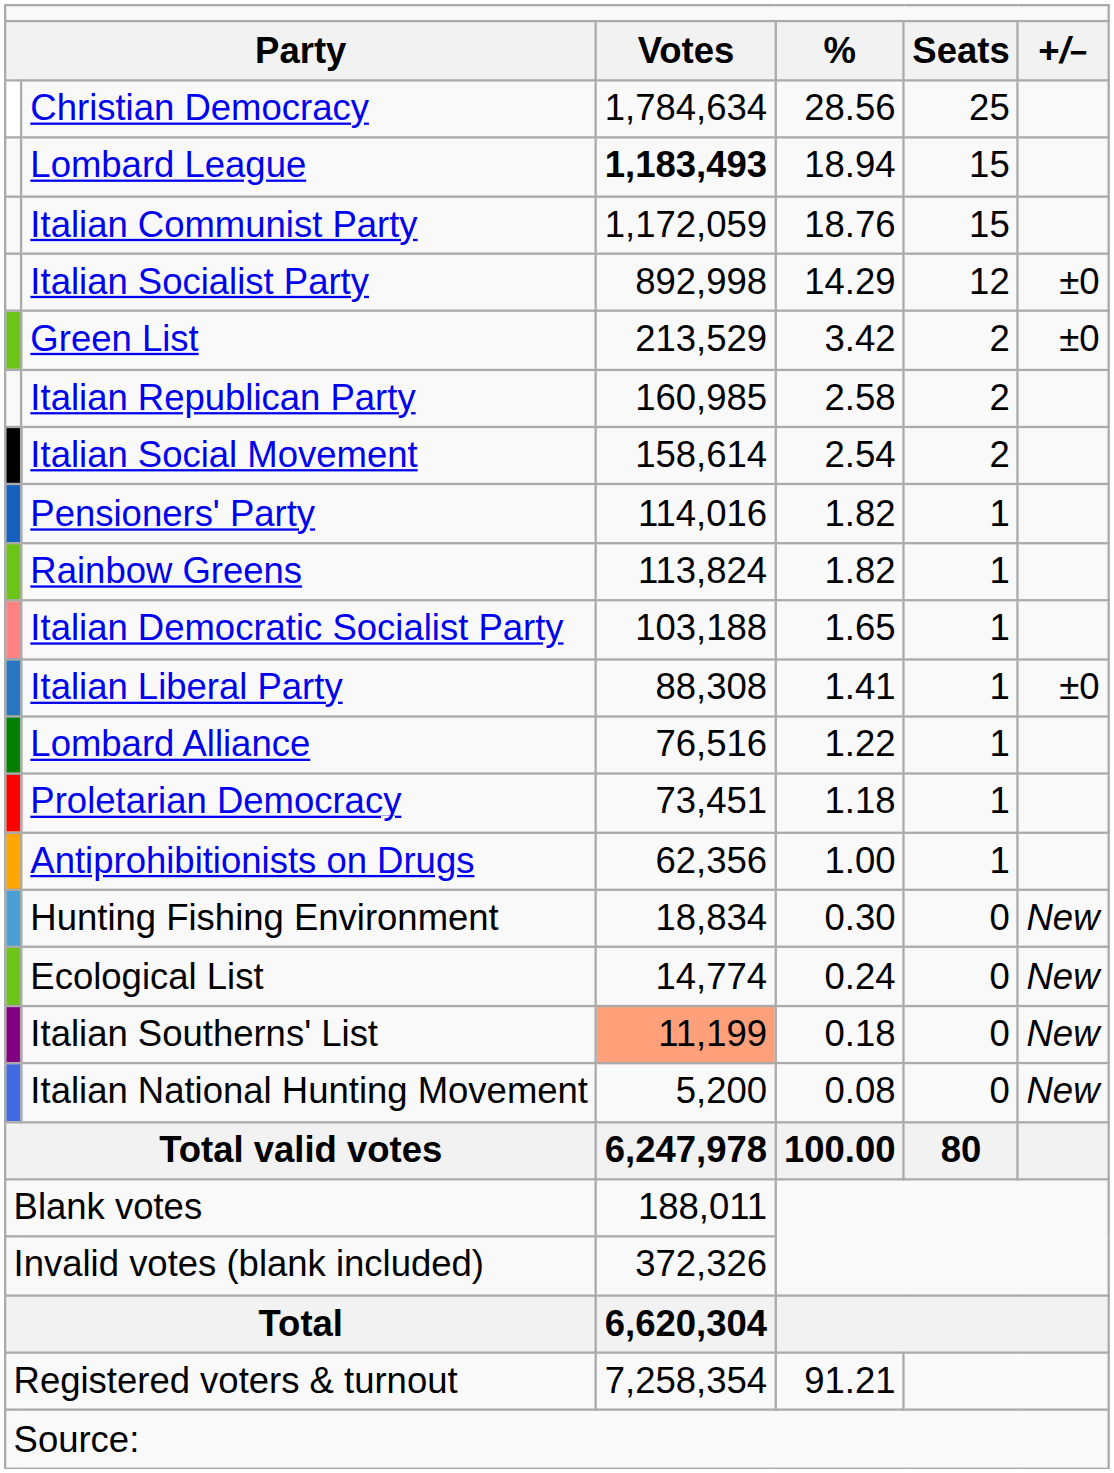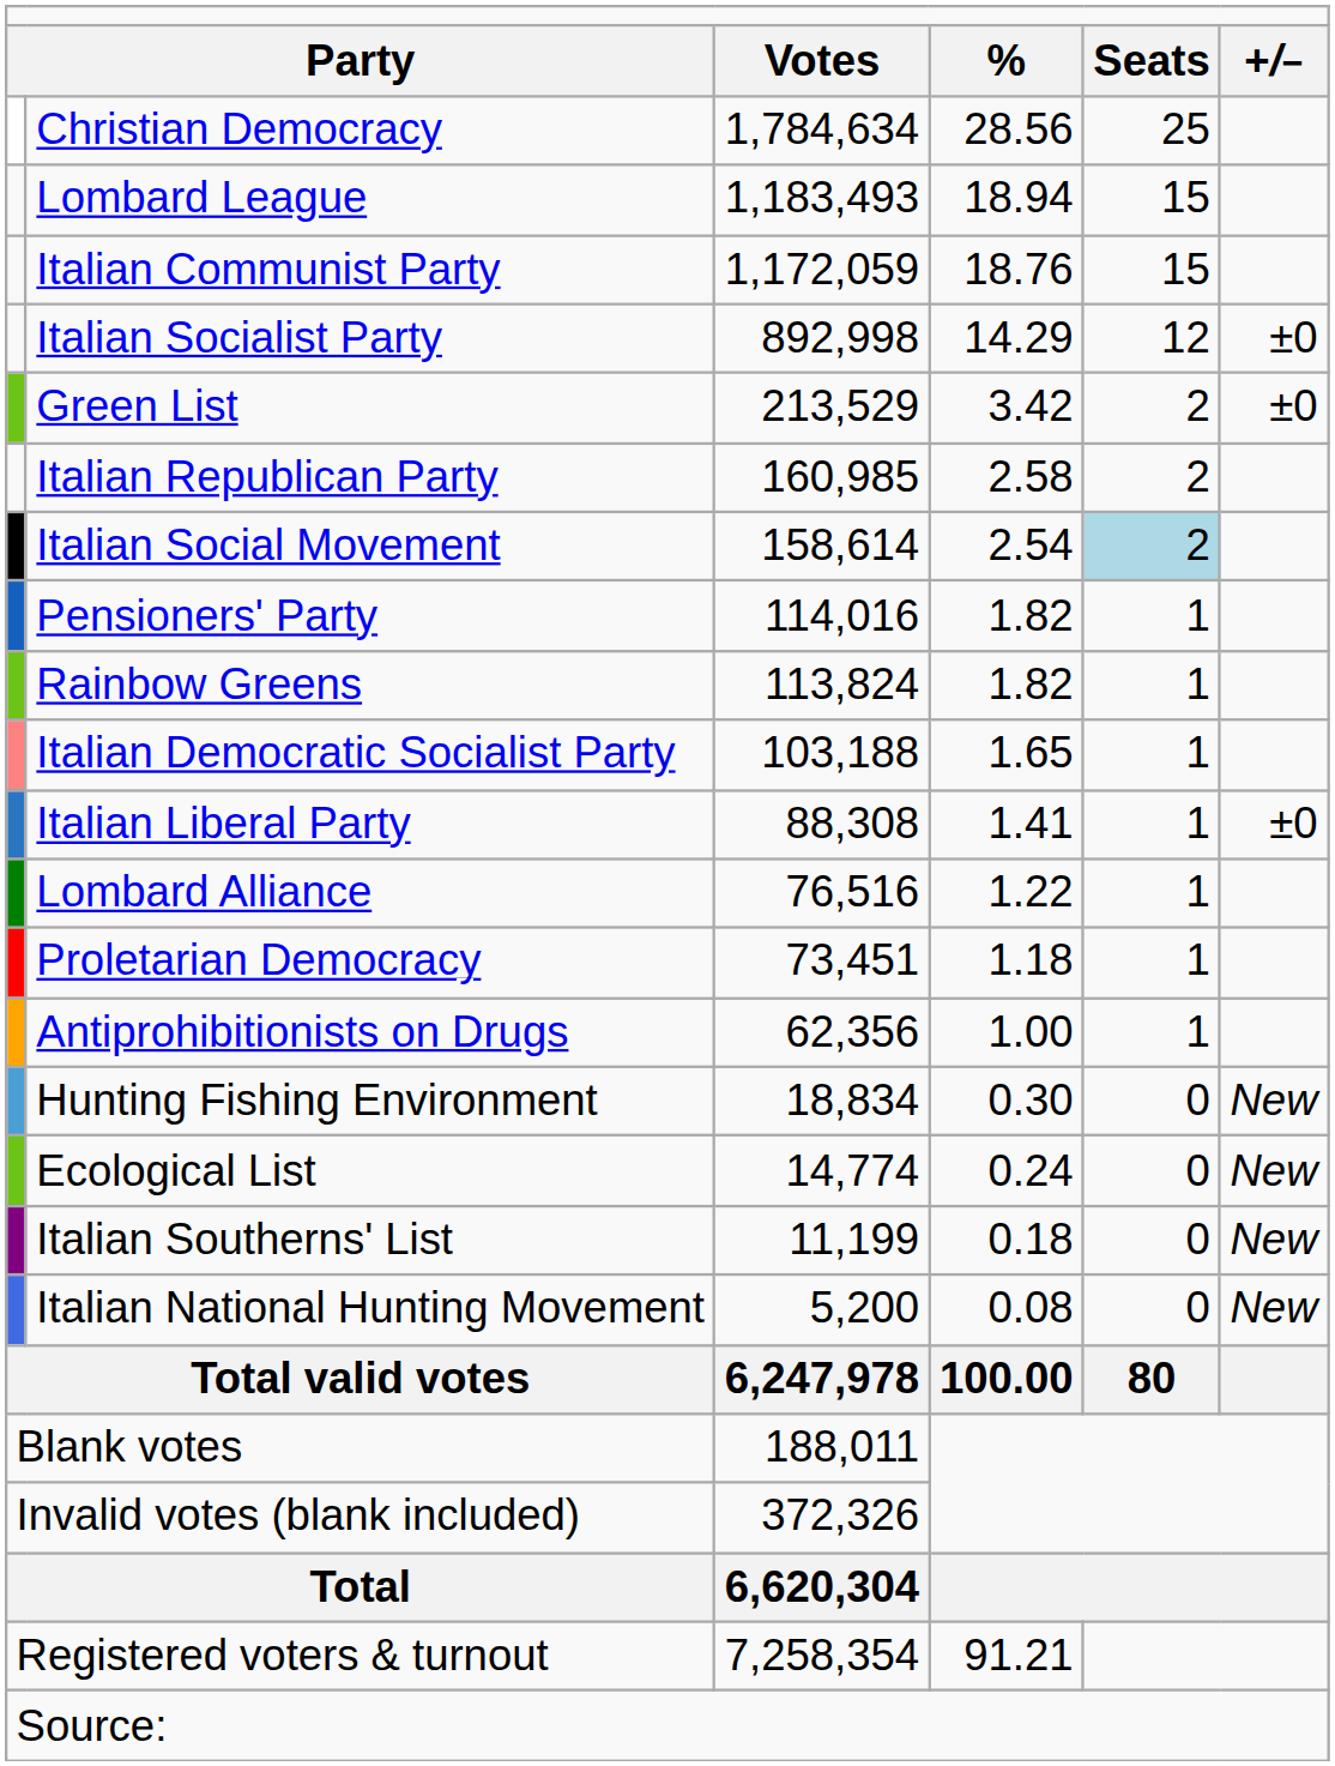 <table class="wikitable">
 <tr>
 <td colspan="6"></td>
 </tr>
 <tr>
 <th colspan="2" align="center">Party</th>
 <th align="center">Votes</th>
 <th align="center">%</th>
 <th align="center">Seats</th>
 <th align="center">+<em>/</em><small>−</small></th>
 </tr>
 <tr>
 <td bgcolor="white"></td>
 <td><a href='#'>Christian Democracy</a></td>
 <td align="right">1,784,634</td>
 <td align="right">28.56</td>
 <td align="right">25</td>
 <td align="right"></td>
 </tr>
 <tr>
 <td></td>
 <td><a href='#'>Lombard League</a></td>
-<td align="right"><strong>1,183,493</strong></td>
+<td align="right">1,183,493</td>
 <td align="right">18.94</td>
 <td align="right">15</td>
 <td align="right"></td>
 </tr>
 <tr>
 <td></td>
 <td><a href='#'>Italian Communist Party</a></td>
 <td align="right">1,172,059</td>
 <td align="right">18.76</td>
 <td align="right">15</td>
 <td align="right"></td>
 </tr>
 <tr>
 <td></td>
 <td><a href='#'>Italian Socialist Party</a></td>
 <td align="right">892,998</td>
 <td align="right">14.29</td>
 <td align="right">12</td>
 <td align="right">±0</td>
 </tr>
 <tr>
 <td style="background:#6CC417;"></td>
 <td><a href='#'>Green List</a></td>
 <td align="right">213,529</td>
 <td align="right">3.42</td>
 <td align="right">2</td>
 <td align="right">±0</td>
 </tr>
 <tr>
 <td></td>
 <td><a href='#'>Italian Republican Party</a></td>
 <td align="right">160,985</td>
 <td align="right">2.58</td>
 <td align="right">2</td>
 <td align="right"></td>
 </tr>
 <tr>
 <td style="background:#000000;"></td>
 <td><a href='#'>Italian Social Movement</a></td>
 <td align="right">158,614</td>
 <td align="right">2.54</td>
-<td align="right">2</td>
+<td align="right" style="background: lightblue;">2</td>
 <td align="right"></td>
 </tr>
 <tr>
 <td style="background:#1560BD;"></td>
 <td><a href='#'>Pensioners' Party</a></td>
 <td align="right">114,016</td>
 <td align="right">1.82</td>
 <td align="right">1</td>
 <td align="right"></td>
 </tr>
 <tr>
 <td style="background:#6CC417;"></td>
 <td><a href='#'>Rainbow Greens</a></td>
 <td align="right">113,824</td>
 <td align="right">1.82</td>
 <td align="right">1</td>
 <td align="right"></td>
 </tr>
 <tr>
 <td style="background:#FF8282;"></td>
 <td><a href='#'>Italian Democratic Socialist Party</a></td>
 <td align="right">103,188</td>
 <td align="right">1.65</td>
 <td align="right">1</td>
 <td align="right"></td>
 </tr>
 <tr>
 <td style="background:#2975C2;"></td>
 <td><a href='#'>Italian Liberal Party</a></td>
 <td align="right">88,308</td>
 <td align="right">1.41</td>
 <td align="right">1</td>
 <td align="right">±0</td>
 </tr>
 <tr>
 <td style="background:#008000;"></td>
 <td><a href='#'>Lombard Alliance</a></td>
 <td align="right">76,516</td>
 <td align="right">1.22</td>
 <td align="right">1</td>
 <td align="right"></td>
 </tr>
 <tr>
 <td style="background:#FF0000;"></td>
 <td><a href='#'>Proletarian Democracy</a></td>
 <td align="right">73,451</td>
 <td align="right">1.18</td>
 <td align="right">1</td>
 <td align="right"></td>
 </tr>
 <tr>
 <td style="background:orange;"></td>
 <td><a href='#'>Antiprohibitionists on Drugs</a></td>
 <td align="right">62,356</td>
 <td align="right">1.00</td>
 <td align="right">1</td>
 <td align="right"></td>
 </tr>
 <tr>
 <td style="background:#4A9FD5;"></td>
 <td>Hunting Fishing Environment</td>
 <td align="right">18,834</td>
 <td align="right">0.30</td>
 <td align="right">0</td>
 <td align="right"><em>New</em></td>
 </tr>
 <tr>
 <td style="background:#6CC417;"></td>
 <td>Ecological List</td>
 <td align="right">14,774</td>
 <td align="right">0.24</td>
 <td align="right">0</td>
 <td align="right"><em>New</em></td>
 </tr>
 <tr>
 <td style="background:purple;"></td>
 <td>Italian Southerns' List</td>
-<td align="right" style="background: lightsalmon;">11,199</td>
+<td align="right">11,199</td>
 <td align="right">0.18</td>
 <td align="right">0</td>
 <td align="right"><em>New</em></td>
 </tr>
 <tr>
 <td style="background:royalblue;"></td>
 <td>Italian National Hunting Movement</td>
 <td align="right">5,200</td>
 <td align="right">0.08</td>
 <td align="right">0</td>
 <td align="right"><em>New</em></td>
 </tr>
 <tr>
 <th colspan="2">Total valid votes</th>
 <th align="right">6,247,978</th>
 <th>100.00</th>
 <th align="right">80</th>
 <th></th>
 </tr>
 <tr>
 <td colspan="2">Blank votes</td>
 <td align="right">188,011</td>
 <td colspan="3" rowspan="2"></td>
 </tr>
 <tr>
 <td colspan="2">Invalid votes (blank included)</td>
 <td align="right">372,326</td>
 </tr>
 <tr>
 <th colspan="2">Total</th>
 <th align="right">6,620,304</th>
 <th colspan="3"></th>
 </tr>
 <tr>
 <td colspan="2">Registered voters & turnout</td>
 <td align="right">7,258,354</td>
 <td align="right">91.21</td>
 <td colspan="2"></td>
 </tr>
 <tr>
 <td colspan="6">Source: </td>
 </tr>
 <tr>
 </tr>
 </table>
